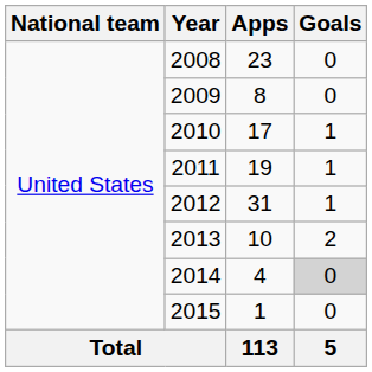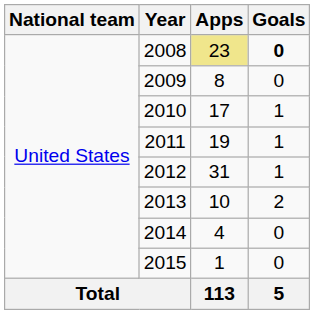 <table class="wikitable" style="text-align:center">
 <tr>
 <th>National team</th>
 <th>Year</th>
 <th>Apps</th>
 <th>Goals</th>
 </tr>
 <tr>
 <td rowspan="8"><a href='#'>United States</a></td>
 <td>2008</td>
-<td>23</td>
-<td>0</td>
+<td style="background: khaki;">23</td>
+<td><strong>0</strong></td>
 </tr>
 <tr>
 <td>2009</td>
 <td>8</td>
 <td>0</td>
 </tr>
 <tr>
 <td>2010</td>
 <td>17</td>
 <td>1</td>
 </tr>
 <tr>
 <td>2011</td>
 <td>19</td>
 <td>1</td>
 </tr>
 <tr>
 <td>2012</td>
 <td>31</td>
 <td>1</td>
 </tr>
 <tr>
 <td>2013</td>
 <td>10</td>
 <td>2</td>
 </tr>
 <tr>
 <td>2014</td>
 <td>4</td>
-<td style="background: lightgrey;">0</td>
+<td>0</td>
 </tr>
 <tr>
 <td>2015</td>
 <td>1</td>
 <td>0</td>
 </tr>
 <tr>
 <th colspan="2">Total</th>
 <th>113</th>
 <th>5</th>
 </tr>
 </table>
